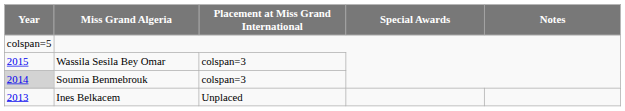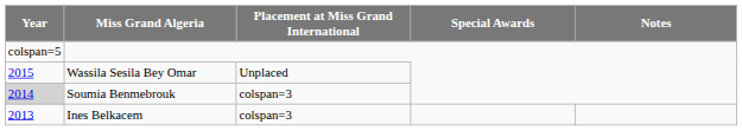 <table class="wikitable " style="font-size: 95%;">
 <tr>
 <th width="60" style="background-color:#787878;color:#FFFFFF;">Year</th>
 <th width="250" style="background-color:#787878;color:#FFFFFF;">Miss Grand Algeria</th>
 <th width="250" style="background-color:#787878;color:#FFFFFF;">Placement at Miss Grand International</th>
 <th width="250" style="background-color:#787878;color:#FFFFFF;">Special Awards</th>
 <th width="250" style="background-color:#787878;color:#FFFFFF;">Notes</th>
 </tr>
 <tr>
 <td>colspan=5 </td>
 </tr>
 <tr>
 <td><a href='#'>2015</a></td>
 <td>Wassila Sesila Bey Omar</td>
-<td>colspan=3 </td>
+<td>Unplaced</td>
 </tr>
 <tr>
 <td style="background: lightgrey;"><a href='#'>2014</a></td>
 <td>Soumia Benmebrouk</td>
 <td>colspan=3 </td>
 </tr>
 <tr>
 <td><a href='#'>2013</a></td>
 <td>Ines Belkacem</td>
-<td>Unplaced</td>
+<td>colspan=3 </td>
 <td></td>
 <td></td>
 </tr>
 </table>
